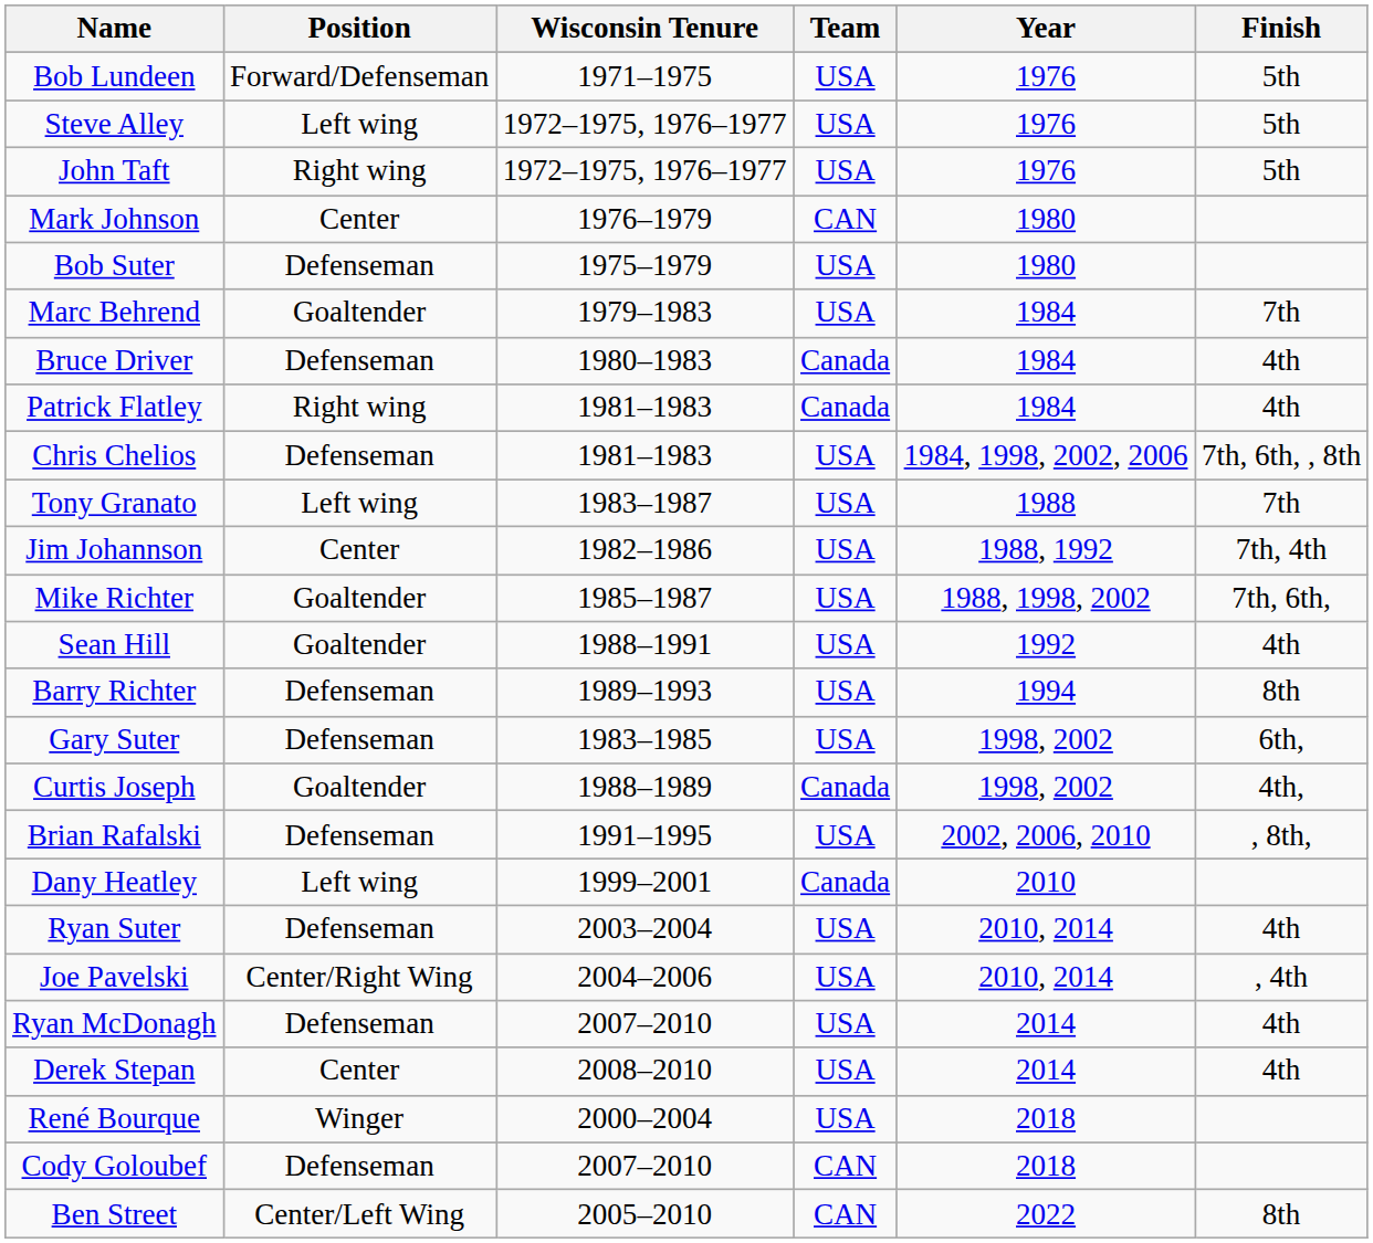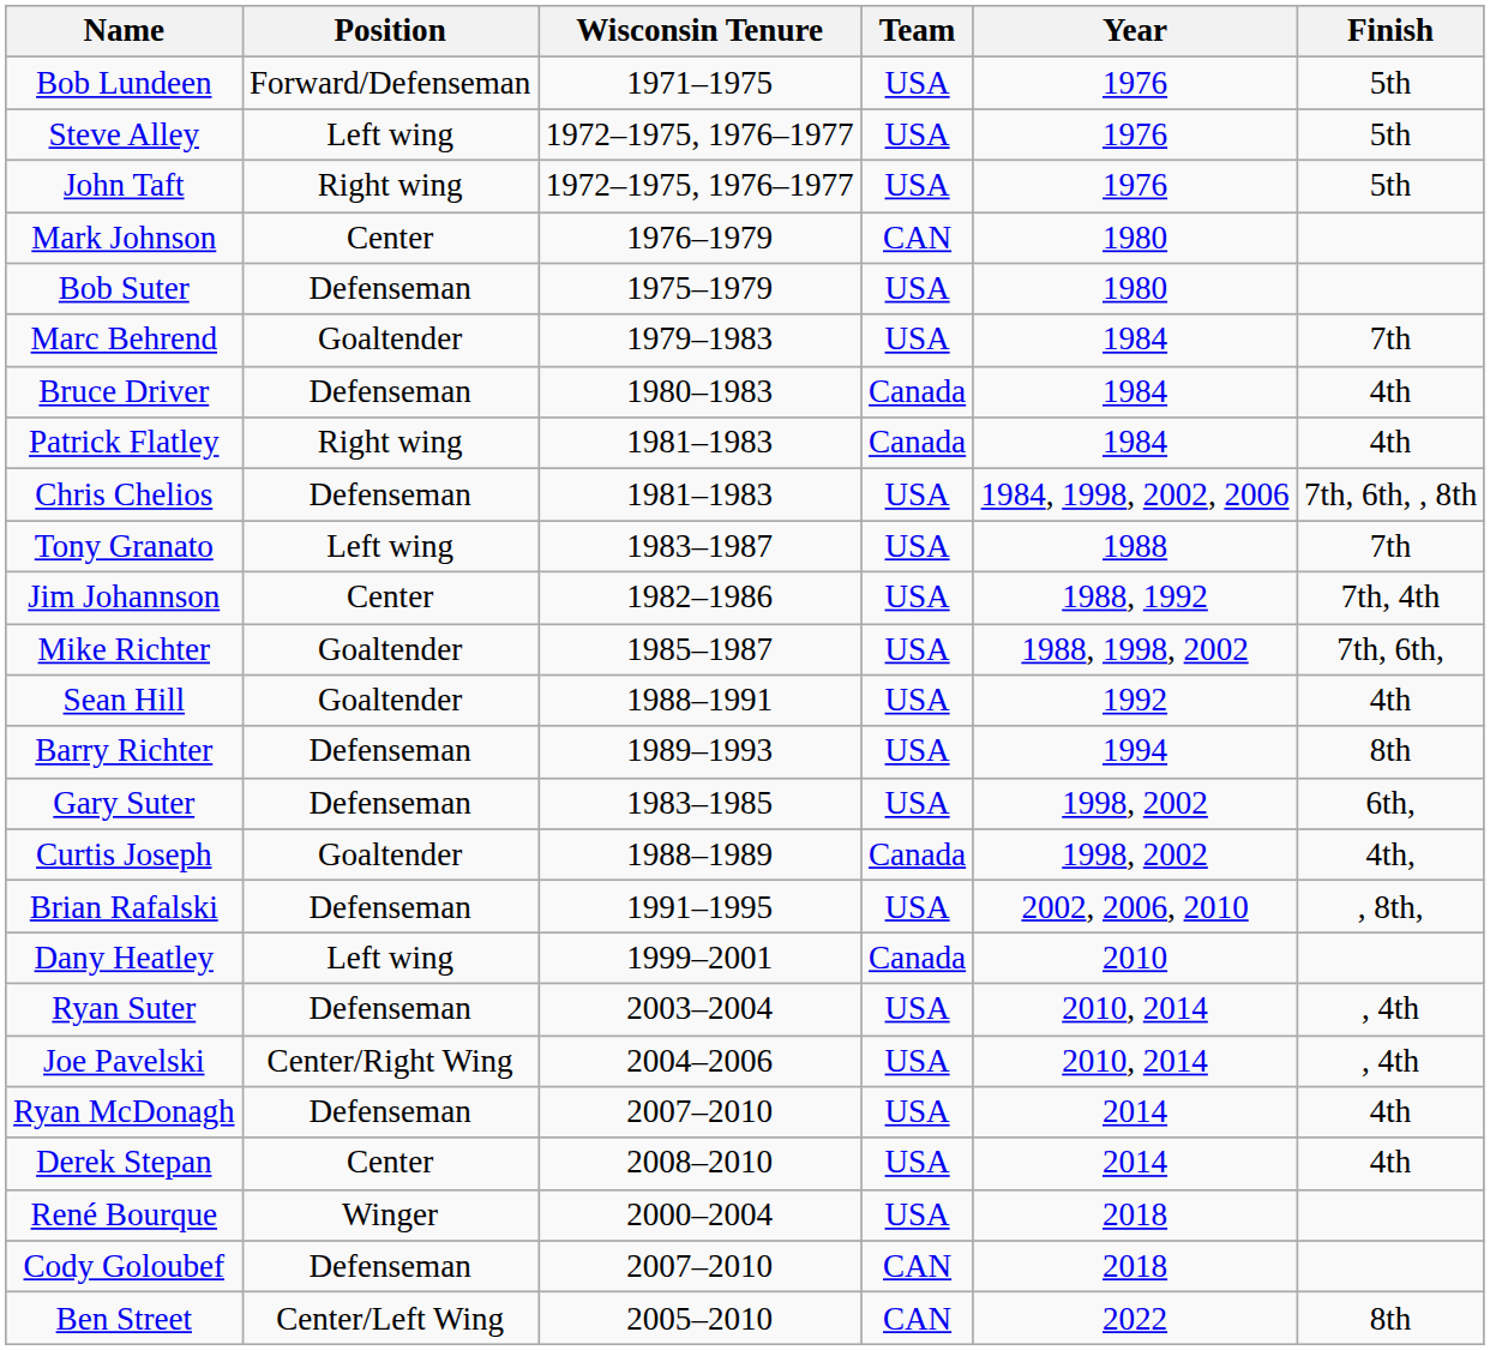 <table class= "wikitable">
 <tr>
 <th>Name</th>
 <th>Position</th>
 <th>Wisconsin Tenure</th>
 <th>Team</th>
 <th>Year</th>
 <th>Finish</th>
 </tr>
 <tr style="text-align:center;">
 <td><a href='#'>Bob Lundeen</a></td>
 <td>Forward/Defenseman</td>
 <td>1971–1975</td>
 <td> <a href='#'>USA</a></td>
 <td><a href='#'>1976</a></td>
 <td>5th</td>
 </tr>
 <tr style="text-align:center;">
 <td><a href='#'>Steve Alley</a></td>
 <td>Left wing</td>
 <td>1972–1975, 1976–1977</td>
 <td> <a href='#'>USA</a></td>
 <td><a href='#'>1976</a></td>
 <td>5th</td>
 </tr>
 <tr style="text-align:center;">
 <td><a href='#'>John Taft</a></td>
 <td>Right wing</td>
 <td>1972–1975, 1976–1977</td>
 <td> <a href='#'>USA</a></td>
 <td><a href='#'>1976</a></td>
 <td>5th</td>
 </tr>
 <tr style="text-align:center;">
 <td><a href='#'>Mark Johnson</a></td>
 <td>Center</td>
 <td>1976–1979</td>
 <td> <a href='#'>CAN</a></td>
 <td><a href='#'>1980</a></td>
 <td></td>
 </tr>
 <tr style="text-align:center;">
 <td><a href='#'>Bob Suter</a></td>
 <td>Defenseman</td>
 <td>1975–1979</td>
 <td> <a href='#'>USA</a></td>
 <td><a href='#'>1980</a></td>
 <td></td>
 </tr>
 <tr style="text-align:center;">
 <td><a href='#'>Marc Behrend</a></td>
 <td>Goaltender</td>
 <td>1979–1983</td>
 <td> <a href='#'>USA</a></td>
 <td><a href='#'>1984</a></td>
 <td>7th</td>
 </tr>
 <tr style="text-align:center;">
 <td><a href='#'>Bruce Driver</a></td>
 <td>Defenseman</td>
 <td>1980–1983</td>
 <td> <a href='#'>Canada</a></td>
 <td><a href='#'>1984</a></td>
 <td>4th</td>
 </tr>
 <tr style="text-align:center;">
 <td><a href='#'>Patrick Flatley</a></td>
 <td>Right wing</td>
 <td>1981–1983</td>
 <td> <a href='#'>Canada</a></td>
 <td><a href='#'>1984</a></td>
 <td>4th</td>
 </tr>
 <tr style="text-align:center;">
 <td><a href='#'>Chris Chelios</a></td>
 <td>Defenseman</td>
 <td>1981–1983</td>
 <td> <a href='#'>USA</a></td>
 <td><a href='#'>1984</a>, <a href='#'>1998</a>, <a href='#'>2002</a>, <a href='#'>2006</a></td>
 <td>7th, 6th, , 8th</td>
 </tr>
 <tr style="text-align:center;">
 <td><a href='#'>Tony Granato</a></td>
 <td>Left wing</td>
 <td>1983–1987</td>
 <td> <a href='#'>USA</a></td>
 <td><a href='#'>1988</a></td>
 <td>7th</td>
 </tr>
 <tr style="text-align:center;">
 <td><a href='#'>Jim Johannson</a></td>
 <td>Center</td>
 <td>1982–1986</td>
 <td> <a href='#'>USA</a></td>
 <td><a href='#'>1988</a>, <a href='#'>1992</a></td>
 <td>7th, 4th</td>
 </tr>
 <tr style="text-align:center;">
 <td><a href='#'>Mike Richter</a></td>
 <td>Goaltender</td>
 <td>1985–1987</td>
 <td> <a href='#'>USA</a></td>
 <td><a href='#'>1988</a>, <a href='#'>1998</a>, <a href='#'>2002</a></td>
 <td>7th, 6th, </td>
 </tr>
 <tr style="text-align:center;">
 <td><a href='#'>Sean Hill</a></td>
 <td>Goaltender</td>
 <td>1988–1991</td>
 <td> <a href='#'>USA</a></td>
 <td><a href='#'>1992</a></td>
 <td>4th</td>
 </tr>
 <tr style="text-align:center;">
 <td><a href='#'>Barry Richter</a></td>
 <td>Defenseman</td>
 <td>1989–1993</td>
 <td> <a href='#'>USA</a></td>
 <td><a href='#'>1994</a></td>
 <td>8th</td>
 </tr>
 <tr style="text-align:center;">
 <td><a href='#'>Gary Suter</a></td>
 <td>Defenseman</td>
 <td>1983–1985</td>
 <td> <a href='#'>USA</a></td>
 <td><a href='#'>1998</a>, <a href='#'>2002</a></td>
 <td>6th, </td>
 </tr>
 <tr style="text-align:center;">
 <td><a href='#'>Curtis Joseph</a></td>
 <td>Goaltender</td>
 <td>1988–1989</td>
 <td> <a href='#'>Canada</a></td>
 <td><a href='#'>1998</a>, <a href='#'>2002</a></td>
 <td>4th, </td>
 </tr>
 <tr style="text-align:center;">
 <td><a href='#'>Brian Rafalski</a></td>
 <td>Defenseman</td>
 <td>1991–1995</td>
 <td> <a href='#'>USA</a></td>
 <td><a href='#'>2002</a>, <a href='#'>2006</a>, <a href='#'>2010</a></td>
 <td>, 8th, </td>
 </tr>
 <tr style="text-align:center;">
 <td><a href='#'>Dany Heatley</a></td>
 <td>Left wing</td>
 <td>1999–2001</td>
 <td> <a href='#'>Canada</a></td>
 <td><a href='#'>2010</a></td>
 <td></td>
 </tr>
 <tr style="text-align:center;">
 <td><a href='#'>Ryan Suter</a></td>
 <td>Defenseman</td>
 <td>2003–2004</td>
 <td> <a href='#'>USA</a></td>
 <td><a href='#'>2010</a>, <a href='#'>2014</a></td>
-<td>4th</td>
+<td>, 4th</td>
 </tr>
 <tr style="text-align:center;">
 <td><a href='#'>Joe Pavelski</a></td>
 <td>Center/Right Wing</td>
 <td>2004–2006</td>
 <td> <a href='#'>USA</a></td>
 <td><a href='#'>2010</a>, <a href='#'>2014</a></td>
 <td>, 4th</td>
 </tr>
 <tr style="text-align:center;">
 <td><a href='#'>Ryan McDonagh</a></td>
 <td>Defenseman</td>
 <td>2007–2010</td>
 <td> <a href='#'>USA</a></td>
 <td><a href='#'>2014</a></td>
 <td>4th</td>
 </tr>
 <tr style="text-align:center;">
 <td><a href='#'>Derek Stepan</a></td>
 <td>Center</td>
 <td>2008–2010</td>
 <td> <a href='#'>USA</a></td>
 <td><a href='#'>2014</a></td>
 <td>4th</td>
 </tr>
 <tr style="text-align:center;">
 <td><a href='#'>René Bourque</a></td>
 <td>Winger</td>
 <td>2000–2004</td>
 <td> <a href='#'>USA</a></td>
 <td><a href='#'>2018</a></td>
 <td></td>
 </tr>
 <tr style="text-align:center;">
 <td><a href='#'>Cody Goloubef</a></td>
 <td>Defenseman</td>
 <td>2007–2010</td>
 <td> <a href='#'>CAN</a></td>
 <td><a href='#'>2018</a></td>
 <td></td>
 </tr>
 <tr style="text-align:center;">
 <td><a href='#'>Ben Street</a></td>
 <td>Center/Left Wing</td>
 <td>2005–2010</td>
 <td> <a href='#'>CAN</a></td>
 <td><a href='#'>2022</a></td>
 <td>8th</td>
 </tr>
 </table>
